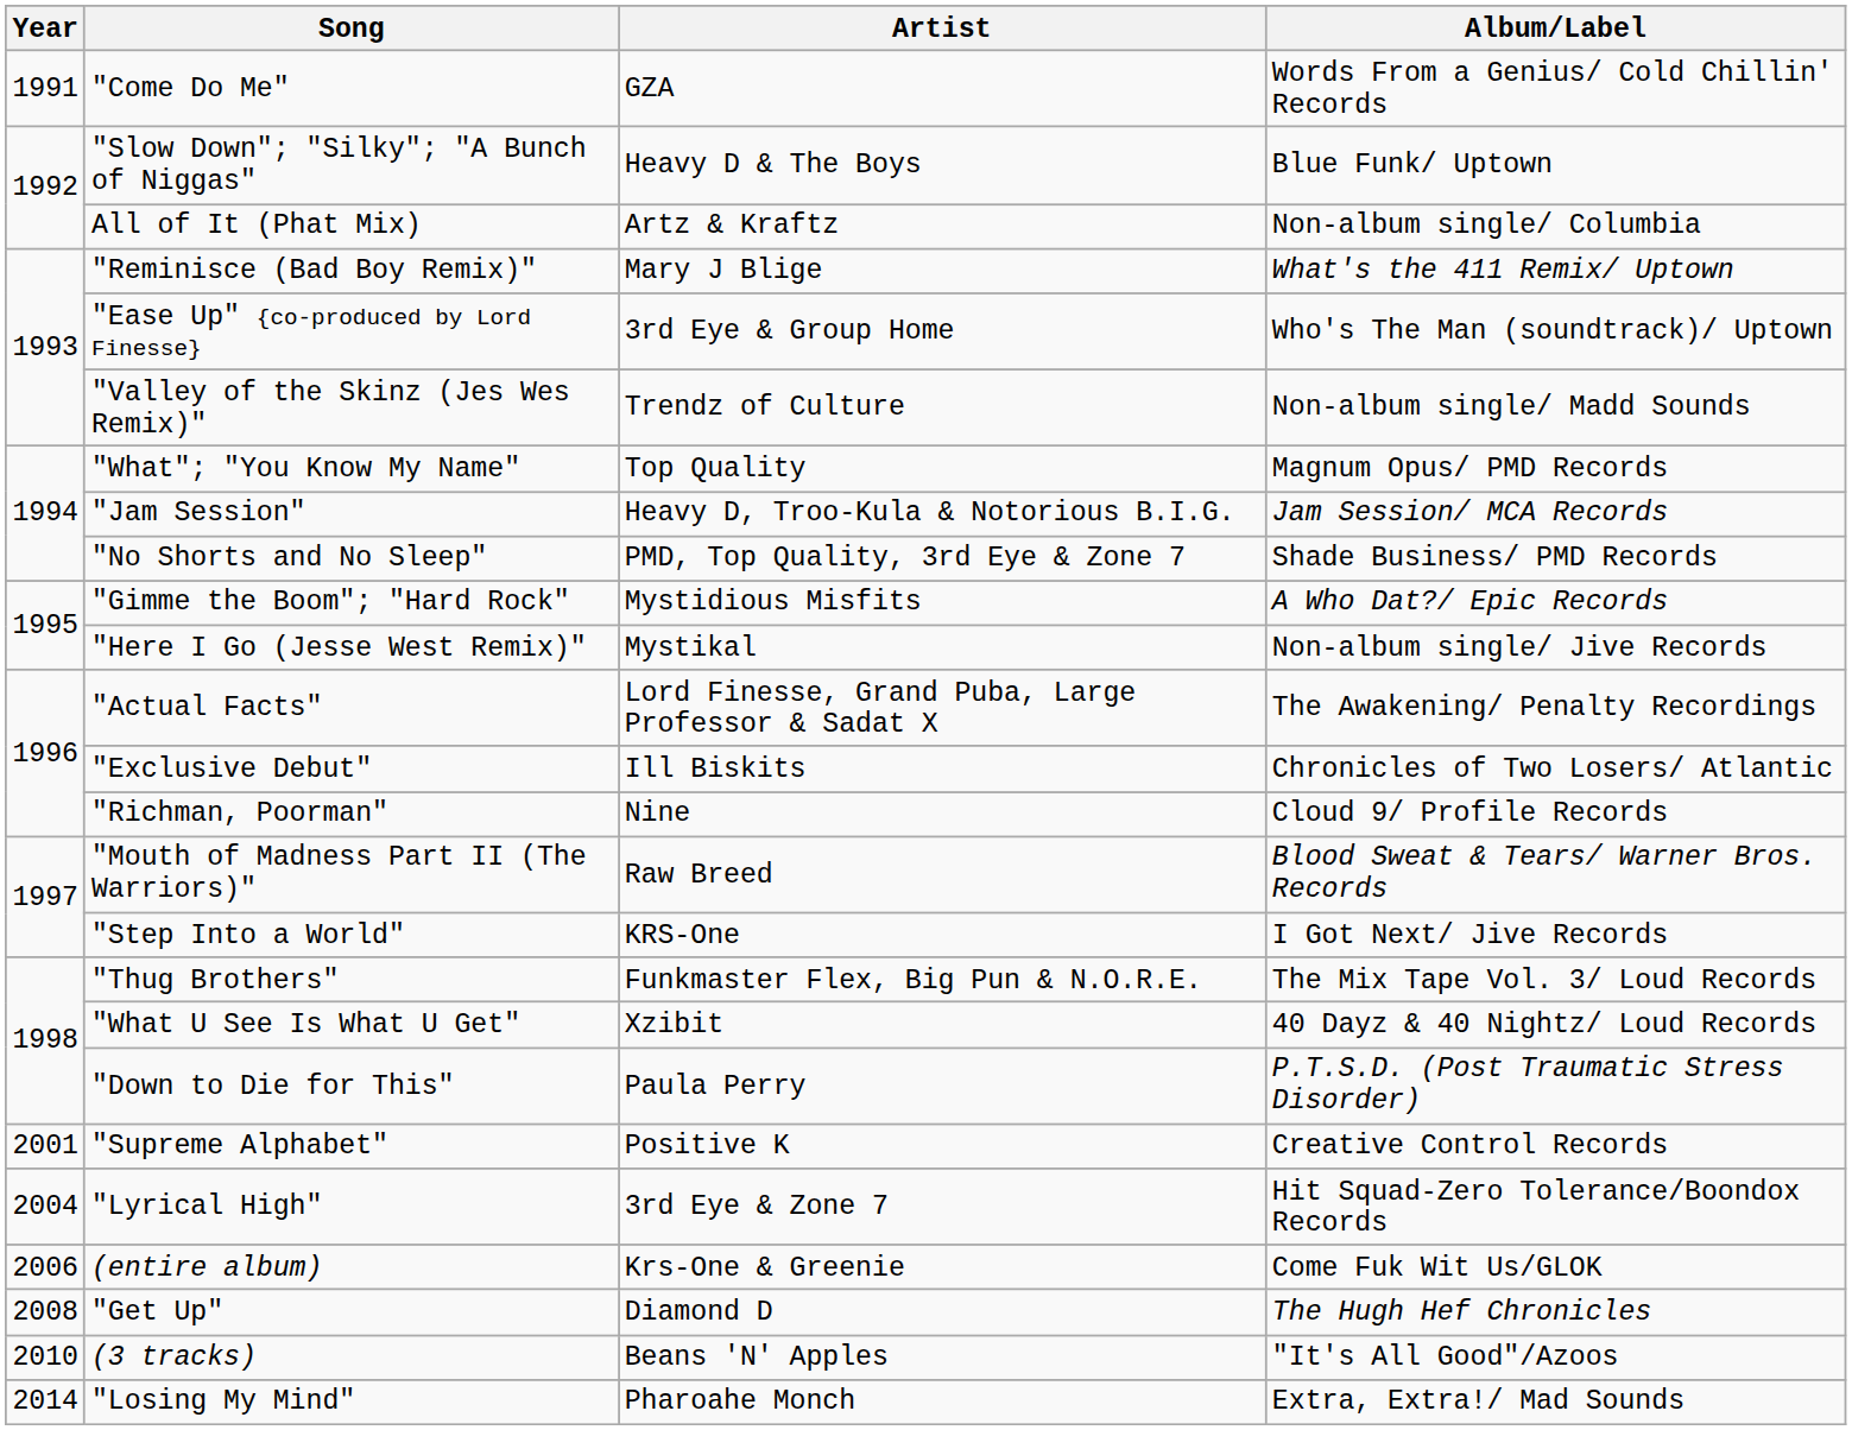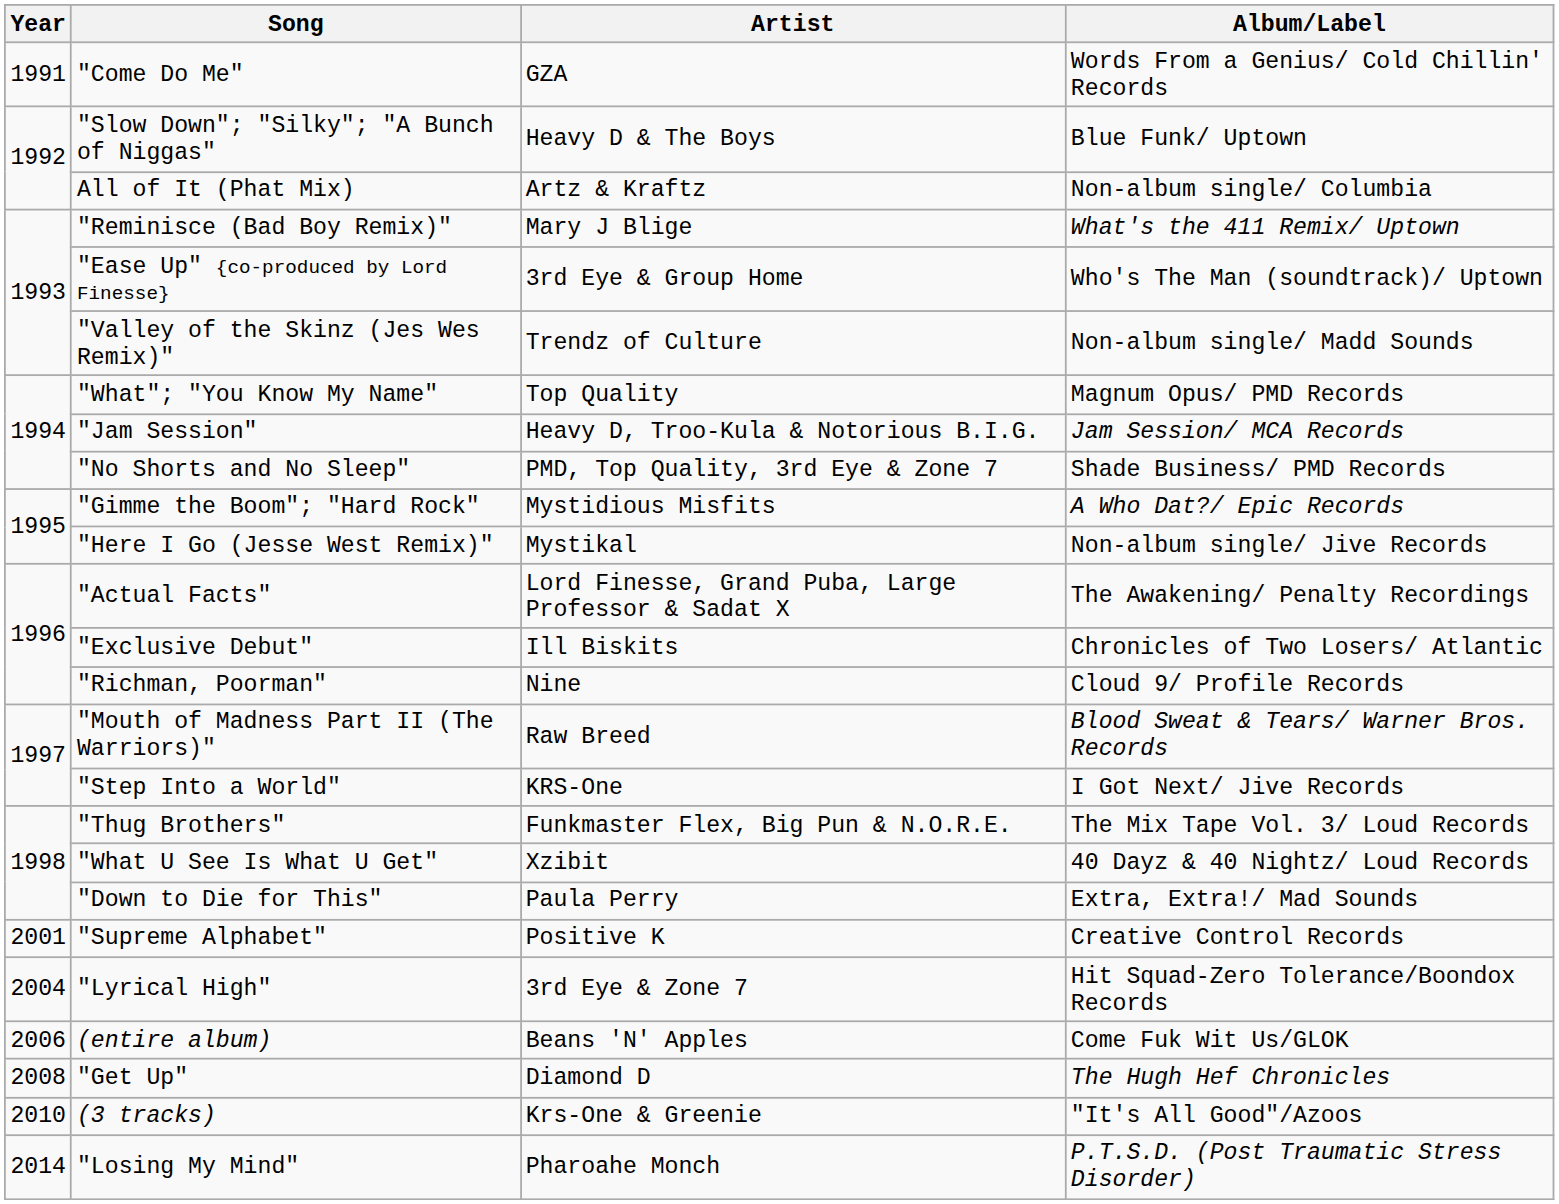 <table class="wikitable">
 <tr>
 <th>Year</th>
 <th>Song</th>
 <th>Artist</th>
 <th>Album/Label</th>
 </tr>
 <tr>
 <td>1991</td>
 <td>"Come Do Me"</td>
 <td>GZA</td>
 <td>Words From a Genius/ Cold Chillin' Records</td>
 </tr>
 <tr>
 <td rowspan="2">1992</td>
 <td>"Slow Down"; "Silky"; "A Bunch of Niggas"</td>
 <td>Heavy D & The Boys</td>
 <td>Blue Funk/ Uptown</td>
 </tr>
 <tr>
 <td>All of It (Phat Mix)</td>
 <td>Artz & Kraftz</td>
 <td>Non-album single/ Columbia</td>
 </tr>
 <tr>
 <td rowspan="3">1993</td>
 <td>"Reminisce (Bad Boy Remix)"</td>
 <td>Mary J Blige</td>
 <td><em>What's the 411 Remix/ Uptown</em></td>
 </tr>
 <tr>
 <td>"Ease Up" <small>{co-produced by Lord Finesse}</small></td>
 <td>3rd Eye & Group Home</td>
 <td>Who's The Man (soundtrack)/ Uptown</td>
 </tr>
 <tr>
 <td>"Valley of the Skinz (Jes Wes Remix)"</td>
 <td>Trendz of Culture</td>
 <td>Non-album single/ Madd Sounds</td>
 </tr>
 <tr>
 <td rowspan="3">1994</td>
 <td>"What"; "You Know My Name"</td>
 <td>Top Quality</td>
 <td>Magnum Opus/ PMD Records</td>
 </tr>
 <tr>
 <td>"Jam Session"</td>
 <td>Heavy D, Troo-Kula & Notorious B.I.G.</td>
 <td><em>Jam Session/ MCA Records</em></td>
 </tr>
 <tr>
 <td>"No Shorts and No Sleep"</td>
 <td>PMD, Top Quality, 3rd Eye & Zone 7</td>
 <td>Shade Business/ PMD Records</td>
 </tr>
 <tr>
 <td rowspan="2">1995</td>
 <td>"Gimme the Boom"; "Hard Rock"</td>
 <td>Mystidious Misfits</td>
 <td><em>A Who Dat?/ Epic Records</em></td>
 </tr>
 <tr>
 <td>"Here I Go (Jesse West Remix)"</td>
 <td>Mystikal</td>
 <td>Non-album single/ Jive Records</td>
 </tr>
 <tr>
 <td rowspan="3">1996</td>
 <td>"Actual Facts"</td>
 <td>Lord Finesse, Grand Puba, Large Professor & Sadat X</td>
 <td>The Awakening/ Penalty Recordings</td>
 </tr>
 <tr>
 <td>"Exclusive Debut"</td>
 <td>Ill Biskits</td>
 <td>Chronicles of Two Losers/ Atlantic</td>
 </tr>
 <tr>
 <td>"Richman, Poorman"</td>
 <td>Nine</td>
 <td>Cloud 9/ Profile Records</td>
 </tr>
 <tr>
 <td rowspan="2">1997</td>
 <td>"Mouth of Madness Part II (The Warriors)"</td>
 <td>Raw Breed</td>
 <td><em>Blood Sweat & Tears/ Warner Bros. Records</em></td>
 </tr>
 <tr>
 <td>"Step Into a World"</td>
 <td>KRS-One</td>
 <td>I Got Next/ Jive Records</td>
 </tr>
 <tr>
 <td rowspan="3">1998</td>
 <td>"Thug Brothers"</td>
 <td>Funkmaster Flex, Big Pun & N.O.R.E.</td>
 <td>The Mix Tape Vol. 3/ Loud Records</td>
 </tr>
 <tr>
 <td>"What U See Is What U Get"</td>
 <td>Xzibit</td>
 <td>40 Dayz & 40 Nightz/ Loud Records</td>
 </tr>
 <tr>
 <td>"Down to Die for This"</td>
 <td>Paula Perry</td>
-<td><em>P.T.S.D. (Post Traumatic Stress Disorder)</em></td>
+<td>Extra, Extra!/ Mad Sounds</td>
 </tr>
 <tr>
 <td>2001</td>
 <td>"Supreme Alphabet"</td>
 <td>Positive K</td>
 <td>Creative Control Records</td>
 </tr>
 <tr>
 <td>2004</td>
 <td>"Lyrical High"</td>
 <td>3rd Eye & Zone 7</td>
 <td>Hit Squad-Zero Tolerance/Boondox Records</td>
 </tr>
 <tr>
 <td>2006</td>
 <td><em>(entire album)</em></td>
-<td>Krs-One & Greenie</td>
+<td>Beans 'N' Apples</td>
 <td>Come Fuk Wit Us/GLOK</td>
 </tr>
 <tr>
 <td>2008</td>
 <td>"Get Up"</td>
 <td>Diamond D</td>
 <td><em>The Hugh Hef Chronicles</em></td>
 </tr>
 <tr>
 <td>2010</td>
 <td><em>(3 tracks)</em></td>
-<td>Beans 'N' Apples</td>
+<td>Krs-One & Greenie</td>
 <td>"It's All Good"/Azoos</td>
 </tr>
 <tr>
 <td>2014</td>
 <td>"Losing My Mind"</td>
 <td>Pharoahe Monch</td>
-<td>Extra, Extra!/ Mad Sounds</td>
+<td><em>P.T.S.D. (Post Traumatic Stress Disorder)</em></td>
 </tr>
 </table>
